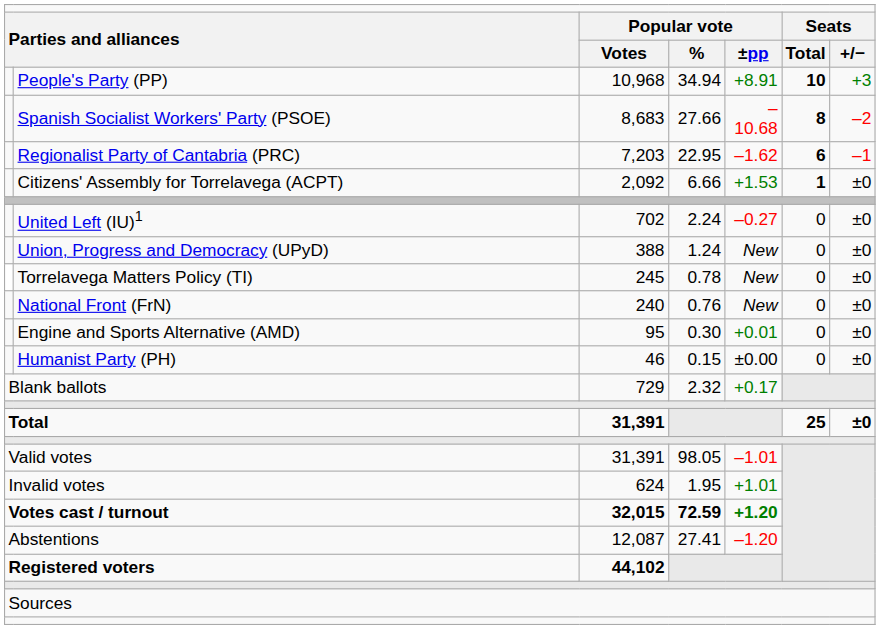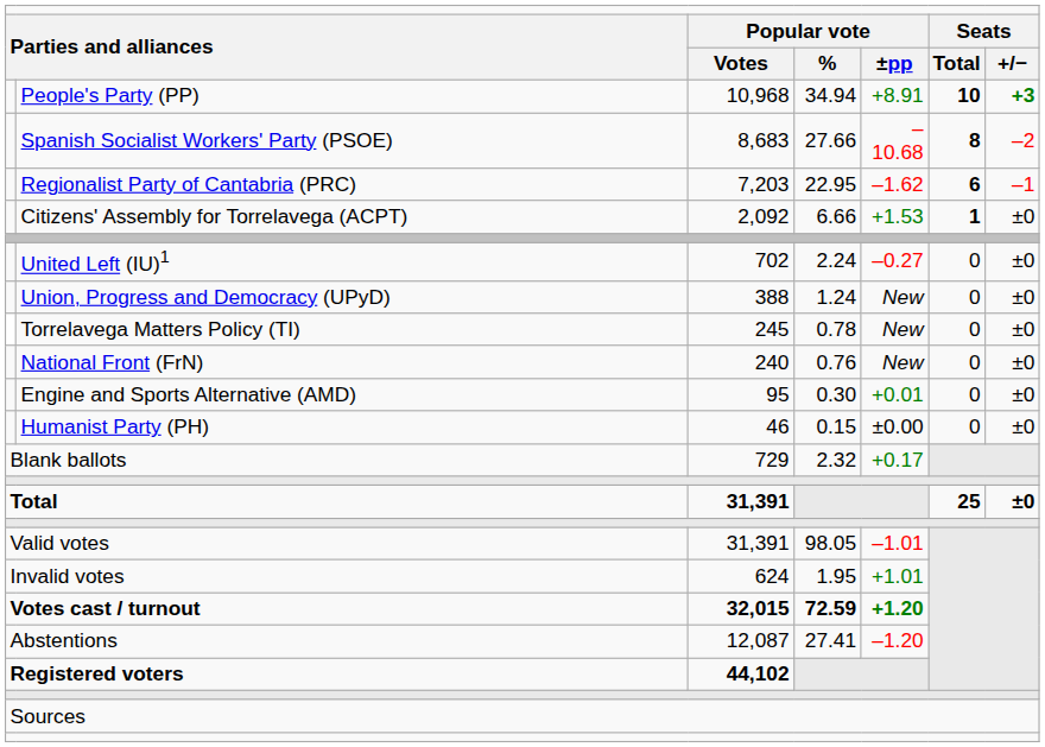 <table class="wikitable" style="text-align:right;">
 <tr>
 <td colspan="7"></td>
 </tr>
 <tr>
 <th style="text-align:left;" rowspan="2" colspan="2" width="525">Parties and alliances</th>
 <th colspan="3">Popular vote</th>
 <th colspan="2">Seats</th>
 </tr>
 <tr>
 <th width="75">Votes</th>
 <th width="45">%</th>
 <th width="45">±<a href='#'>pp</a></th>
 <th width="35">Total</th>
 <th width="35">+/−</th>
 </tr>
 <tr>
 <td width="1" style="color:inherit;background:"></td>
 <td align="left"><a href='#'>People's Party</a> (PP)</td>
 <td>10,968</td>
 <td>34.94</td>
 <td style="color:green;">+8.91</td>
 <td><strong>10</strong></td>
-<td style="color:green;">+3</td>
+<td style="color:green;"><strong>+3</strong></td>
 </tr>
 <tr>
 <td style="color:inherit;background:"></td>
 <td align="left"><a href='#'>Spanish Socialist Workers' Party</a> (PSOE)</td>
 <td>8,683</td>
 <td>27.66</td>
 <td style="color:red;">–10.68</td>
 <td><strong>8</strong></td>
 <td style="color:red;">–2</td>
 </tr>
 <tr>
 <td style="color:inherit;background:"></td>
 <td align="left"><a href='#'>Regionalist Party of Cantabria</a> (PRC)</td>
 <td>7,203</td>
 <td>22.95</td>
 <td style="color:red;">–1.62</td>
 <td><strong>6</strong></td>
 <td style="color:red;">–1</td>
 </tr>
 <tr>
 <td style="color:inherit;background:"></td>
 <td align="left">Citizens' Assembly for Torrelavega (ACPT)</td>
 <td>2,092</td>
 <td>6.66</td>
 <td style="color:green;">+1.53</td>
 <td><strong>1</strong></td>
 <td>±0</td>
 </tr>
 <tr>
 <td colspan="7" bgcolor="#C0C0C0"></td>
 </tr>
 <tr>
 <td style="color:inherit;background:"></td>
 <td align="left"><a href='#'>United Left</a> (IU)<sup>1</sup></td>
 <td>702</td>
 <td>2.24</td>
 <td style="color:red;">–0.27</td>
 <td>0</td>
 <td>±0</td>
 </tr>
 <tr>
 <td style="color:inherit;background:"></td>
 <td align="left"><a href='#'>Union, Progress and Democracy</a> (UPyD)</td>
 <td>388</td>
 <td>1.24</td>
 <td><em>New</em></td>
 <td>0</td>
 <td>±0</td>
 </tr>
 <tr>
 <td bgcolor="white"></td>
 <td align="left">Torrelavega Matters Policy (TI)</td>
 <td>245</td>
 <td>0.78</td>
 <td><em>New</em></td>
 <td>0</td>
 <td>±0</td>
 </tr>
 <tr>
 <td style="color:inherit;background:"></td>
 <td align="left"><a href='#'>National Front</a> (FrN)</td>
 <td>240</td>
 <td>0.76</td>
 <td><em>New</em></td>
 <td>0</td>
 <td>±0</td>
 </tr>
 <tr>
 <td style="color:inherit;background:"></td>
 <td align="left">Engine and Sports Alternative (AMD)</td>
 <td>95</td>
 <td>0.30</td>
 <td style="color:green;">+0.01</td>
 <td>0</td>
 <td>±0</td>
 </tr>
 <tr>
 <td style="color:inherit;background:"></td>
 <td align="left"><a href='#'>Humanist Party</a> (PH)</td>
 <td>46</td>
 <td>0.15</td>
 <td>±0.00</td>
 <td>0</td>
 <td>±0</td>
 </tr>
 <tr>
 <td align="left" colspan="2">Blank ballots</td>
 <td>729</td>
 <td>2.32</td>
 <td style="color:green;">+0.17</td>
 <td bgcolor="#E9E9E9" colspan="2"></td>
 </tr>
 <tr>
 <td colspan="7" bgcolor="#E9E9E9"></td>
 </tr>
 <tr style="font-weight:bold;">
 <td align="left" colspan="2">Total</td>
 <td>31,391</td>
 <td bgcolor="#E9E9E9" colspan="2"></td>
 <td>25</td>
 <td>±0</td>
 </tr>
 <tr>
 <td colspan="7" bgcolor="#E9E9E9"></td>
 </tr>
 <tr>
 <td align="left" colspan="2">Valid votes</td>
 <td>31,391</td>
 <td>98.05</td>
 <td style="color:red;">–1.01</td>
 <td bgcolor="#E9E9E9" colspan="2" rowspan="5"></td>
 </tr>
 <tr>
 <td align="left" colspan="2">Invalid votes</td>
 <td>624</td>
 <td>1.95</td>
 <td style="color:green;">+1.01</td>
 </tr>
 <tr style="font-weight:bold;">
 <td align="left" colspan="2">Votes cast / turnout</td>
 <td>32,015</td>
 <td>72.59</td>
 <td style="color:green;">+1.20</td>
 </tr>
 <tr>
 <td align="left" colspan="2">Abstentions</td>
 <td>12,087</td>
 <td>27.41</td>
 <td style="color:red;">–1.20</td>
 </tr>
 <tr style="font-weight:bold;">
 <td align="left" colspan="2">Registered voters</td>
 <td>44,102</td>
 <td bgcolor="#E9E9E9" colspan="2"></td>
 </tr>
 <tr>
 <td colspan="7" bgcolor="#E9E9E9"></td>
 </tr>
 <tr>
 <td align="left" colspan="7">Sources</td>
 </tr>
 <tr>
 <td colspan="7" style="text-align:left; max-width:790px;"></td>
 </tr>
 </table>
